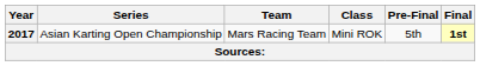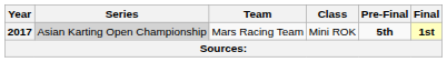 <table class="wikitable" style="text-align:center; font-size:90%">
 <tr>
 <th>Year</th>
 <th>Series</th>
 <th>Team</th>
 <th>Class</th>
 <th>Pre-Final</th>
 <th>Final</th>
 </tr>
 <tr>
 <th>2017</th>
-<td align="left">Asian Karting Open Championship</td>
+<td align="left" style="background: lightgrey;">Asian Karting Open Championship</td>
 <td align="left">Mars Racing Team</td>
 <td align="left">Mini ROK</td>
-<td>5th</td>
+<td><strong>5th</strong></td>
 <td style="background:#FFFFBF;"><strong>1st</strong></td>
 </tr>
 <tr>
 <th colspan="6">Sources:</th>
 </tr>
 </table>
